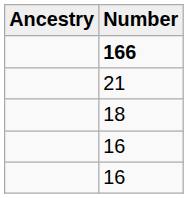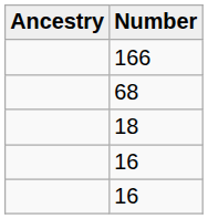 <table style="float:center;" class="wikitable">
 <tr>
 <th style="background:#EFEFEF;">Ancestry</th>
 <th style="background:#EFEFEF;">Number</th>
 </tr>
 <tr>
 <td></td>
-<td><strong>166</strong></td>
+<td>166</td>
 </tr>
 <tr>
 <td></td>
-<td>21</td>
+<td>68</td>
 </tr>
 <tr>
 <td></td>
 <td>18</td>
 </tr>
 <tr>
 <td></td>
 <td>16</td>
 </tr>
 <tr>
 <td></td>
 <td>16</td>
 </tr>
 </table>
